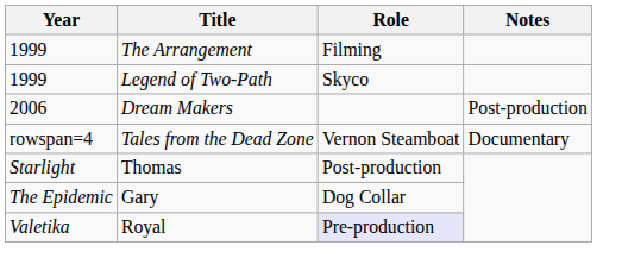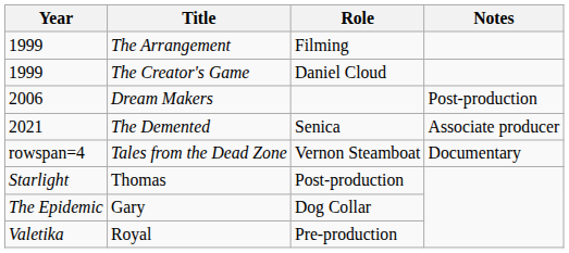 <table class="wikitable sortable">
 <tr>
 <th>Year</th>
 <th>Title</th>
 <th>Role</th>
 <th class="unsortable">Notes</th>
 </tr>
 <tr>
 <td>1999</td>
 <td data-sort-value="Arrangement, The"><em>The Arrangement</em></td>
 <td>Filming</td>
 <td></td>
 </tr>
 <tr>
 <td>1999</td>
-<td><em>Legend of Two-Path</em></td>
-<td>Skyco</td>
+<td data-sort-value="Creator's Game, The"><em>The Creator's Game</em></td>
+<td>Daniel Cloud</td>
 <td></td>
 </tr>
 <tr>
 <td>2006</td>
 <td><em>Dream Makers</em></td>
 <td></td>
 <td>Post-production</td>
+</tr>
+<tr>
+<td>2021</td>
+<td data-sort-value="Demented, The"><em>The Demented</em></td>
+<td>Senica</td>
+<td>Associate producer</td>
 </tr>
 <tr>
 <td>rowspan=4 </td>
 <td><em>Tales from the Dead Zone</em></td>
 <td>Vernon Steamboat</td>
 <td>Documentary</td>
 </tr>
 <tr>
 <td><em>Starlight</em></td>
 <td>Thomas</td>
 <td>Post-production</td>
 </tr>
 <tr>
 <td data-sort-value="Epidemic, The"><em>The Epidemic</em></td>
 <td>Gary</td>
 <td>Dog Collar</td>
 </tr>
 <tr>
 <td><em>Valetika</em></td>
 <td>Royal</td>
-<td style="background: lavender;">Pre-production</td>
+<td>Pre-production</td>
 </tr>
 </table>
